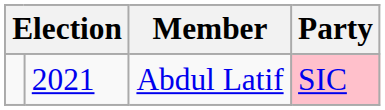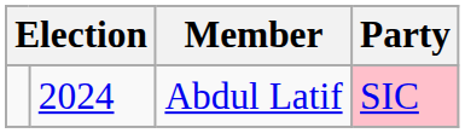 <table class="wikitable">
 <tr>
 <th colspan="2">Election</th>
 <th>Member</th>
 <th>Party</th>
 </tr>
 <tr>
 <td style="background-color: "></td>
-<td><a href='#'>2021</a></td>
+<td><a href='#'>2024</a></td>
 <td><a href='#'>Abdul Latif</a></td>
 <td style="background: pink;"><a href='#'>SIC</a></td>
 </tr>
 </table>
